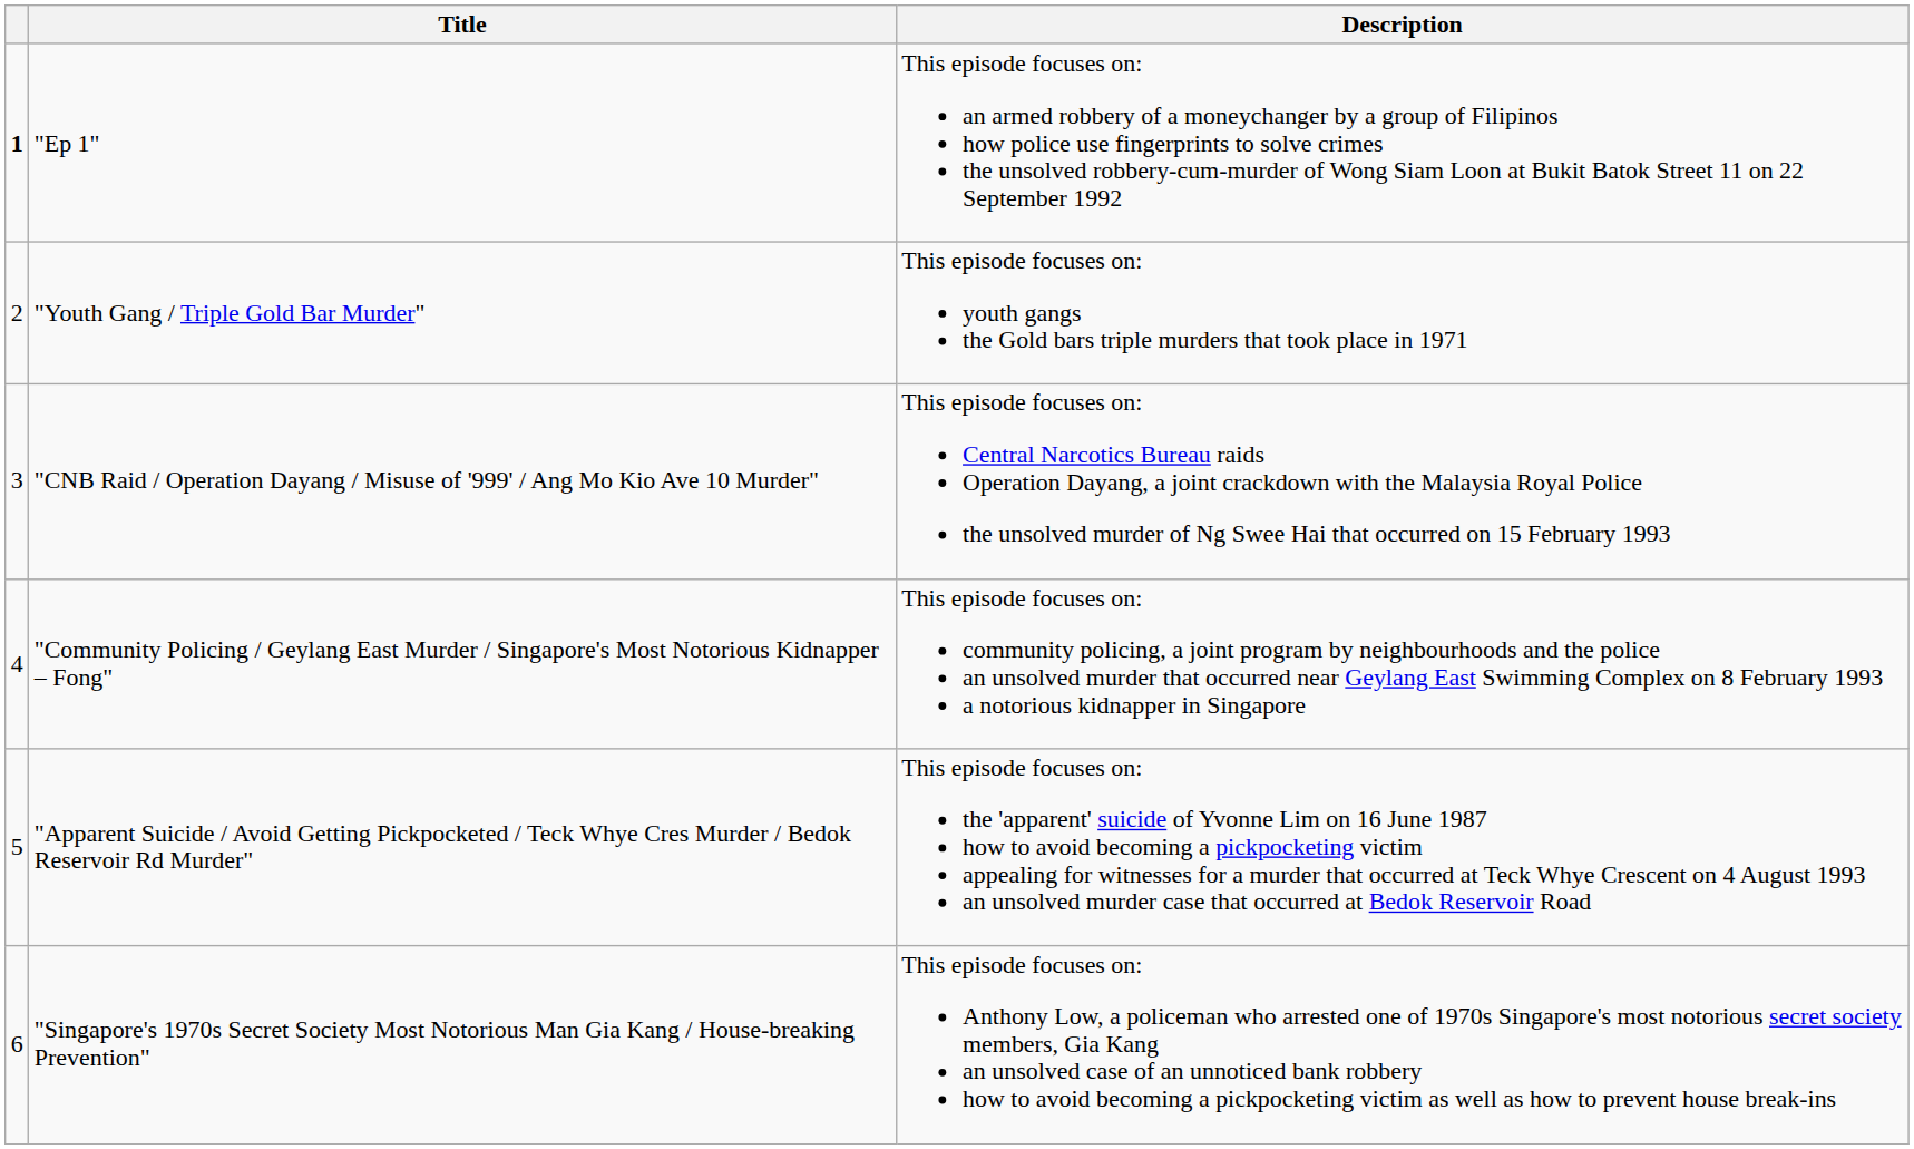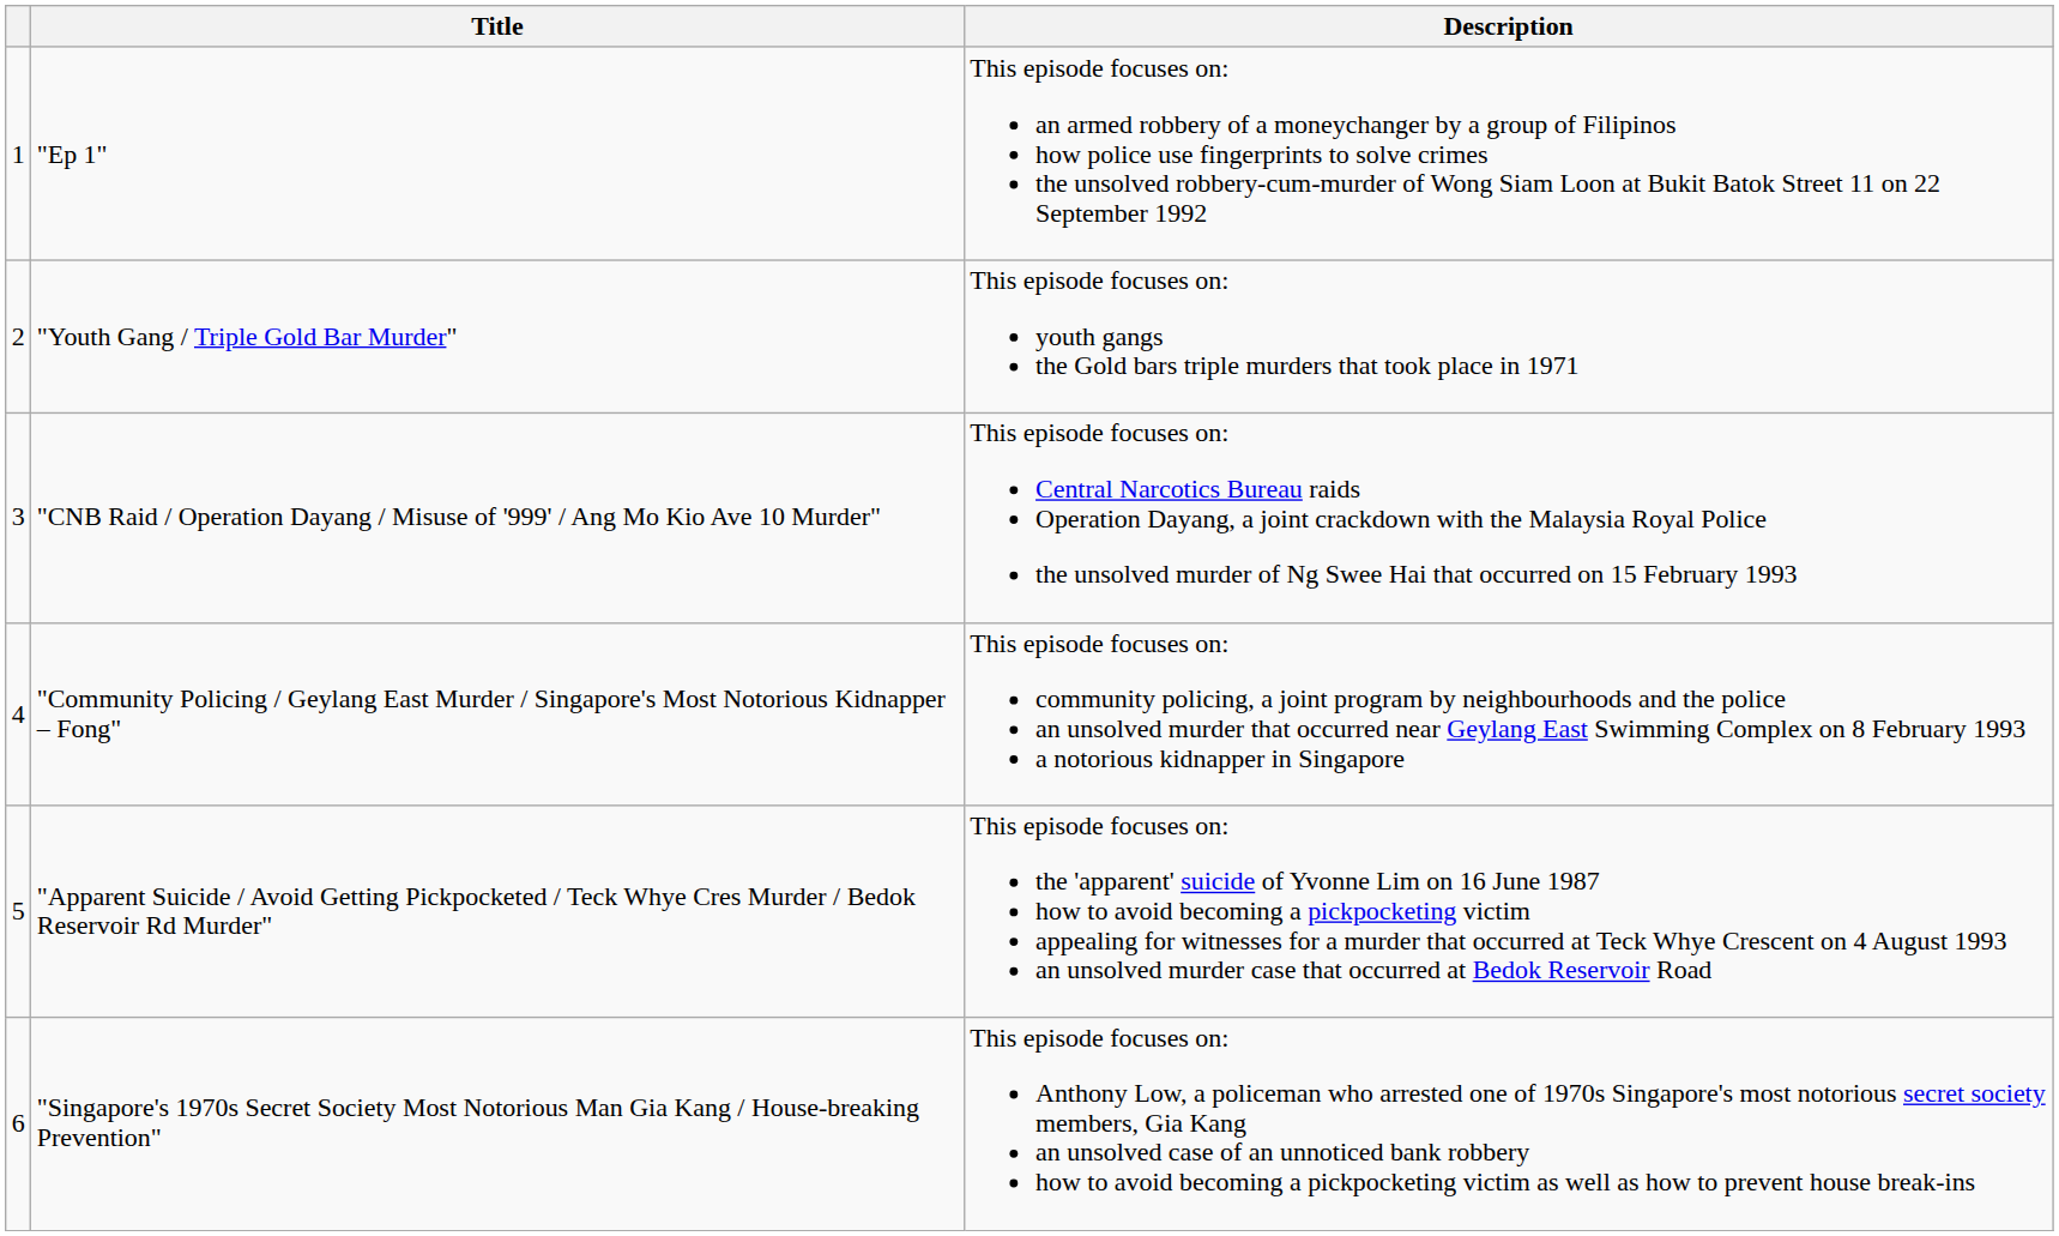 <table class="wikitable">
 <tr>
 <th></th>
 <th>Title</th>
 <th>Description</th>
 </tr>
 <tr>
-<td><strong>1</strong></td>
+<td>1</td>
 <td>"Ep 1"</td>
 <td>This episode focuses on:<br><ul><li>an armed robbery of a moneychanger by a group of Filipinos</li><li>how police use fingerprints to solve crimes</li><li>the unsolved robbery-cum-murder of Wong Siam Loon at Bukit Batok Street 11 on 22 September 1992</li></ul></td>
 </tr>
 <tr>
 <td>2</td>
 <td>"Youth Gang / <a href='#'>Triple Gold Bar Murder</a>"</td>
 <td>This episode focuses on:<br><ul><li>youth gangs</li><li>the Gold bars triple murders that took place in 1971</li></ul></td>
 </tr>
 <tr>
 <td>3</td>
 <td>"CNB Raid / Operation Dayang / Misuse of '999' / Ang Mo Kio Ave 10 Murder"</td>
 <td>This episode focuses on:<br><ul><li><a href='#'>Central Narcotics Bureau</a> raids</li><li>Operation Dayang, a joint crackdown with the Malaysia Royal Police</li></ul><ul><li>the unsolved murder of Ng Swee Hai that occurred on 15 February 1993</li></ul></td>
 </tr>
 <tr>
 <td>4</td>
 <td>"Community Policing / Geylang East Murder / Singapore's Most Notorious Kidnapper – Fong"</td>
 <td>This episode focuses on:<br><ul><li>community policing, a joint program by neighbourhoods and the police</li><li>an unsolved murder that occurred near <a href='#'>Geylang East</a> Swimming Complex on 8 February 1993</li><li>a notorious kidnapper in Singapore</li></ul></td>
 </tr>
 <tr>
 <td>5</td>
 <td>"Apparent Suicide / Avoid Getting Pickpocketed / Teck Whye Cres Murder / Bedok Reservoir Rd Murder"</td>
 <td>This episode focuses on:<br><ul><li>the 'apparent' <a href='#'>suicide</a> of Yvonne Lim on 16 June 1987</li><li>how to avoid becoming a <a href='#'>pickpocketing</a> victim</li><li>appealing for witnesses for a murder that occurred at Teck Whye Crescent on 4 August 1993</li><li>an unsolved murder case that occurred at <a href='#'>Bedok Reservoir</a> Road</li></ul></td>
 </tr>
 <tr>
 <td>6</td>
 <td>"Singapore's 1970s Secret Society Most Notorious Man Gia Kang / House-breaking Prevention"</td>
 <td>This episode focuses on:<br><ul><li>Anthony Low, a policeman who arrested one of 1970s Singapore's most notorious <a href='#'>secret society</a> members, Gia Kang</li><li>an unsolved case of an unnoticed bank robbery</li><li>how to avoid becoming a pickpocketing victim as well as how to prevent house break-ins</li></ul></td>
 </tr>
 </table>
